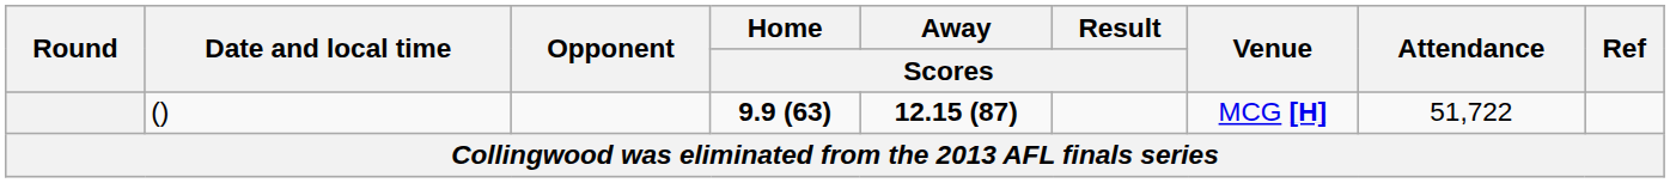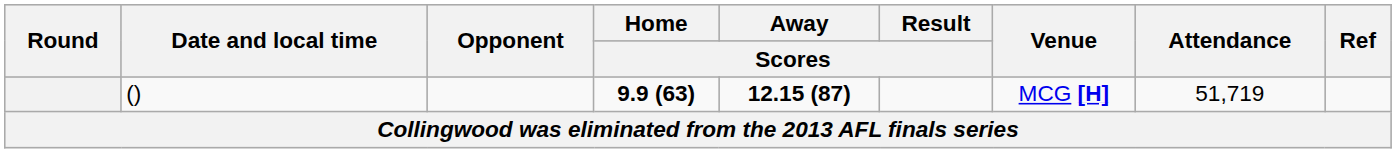 <table class="wikitable plainrowheaders" style="font-size:90%; width:100%; text-align:center;">
 <tr>
 <th scope="col" rowspan="2">Round</th>
 <th scope="col" rowspan="2">Date and local time</th>
 <th scope="col" rowspan="2">Opponent</th>
 <th scope="col">Home</th>
 <th scope="col">Away</th>
 <th scope="col">Result</th>
 <th scope="col" rowspan="2">Venue</th>
 <th scope="col" rowspan="2">Attendance</th>
 <th scope="col" class="unsortable" rowspan=2>Ref</th>
 </tr>
 <tr>
 <th scope="col" colspan="3">Scores</th>
 </tr>
 <tr>
 <th scope="row"></th>
 <td align=left> ()</td>
 <td align=left></td>
 <td><strong>9.9 (63)</strong></td>
 <td><strong>12.15 (87)</strong></td>
 <td></td>
 <td><a href='#'>MCG</a> <a href='#'><strong>[H]</strong></a></td>
-<td>51,722</td>
+<td>51,719</td>
 <td></td>
 </tr>
 <tr>
 <th colspan=9><span><em>Collingwood was eliminated from the 2013 AFL finals series</em></span></th>
 </tr>
 </table>
